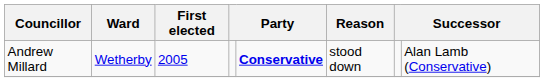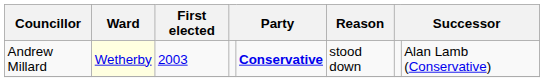 <table class="wikitable sortable" style="font-size:95%;">
 <tr>
 <th scope="col">Councillor</th>
 <th scope="col">Ward</th>
 <th scope="col">First elected</th>
 <th colspan="2" scope="col">Party</th>
 <th scope="col">Reason</th>
 <th colspan="2" scope="col">Successor</th>
 </tr>
 <tr>
 <td>Andrew Millard</td>
-<td><a href='#'>Wetherby</a></td>
-<td><a href='#'>2005</a></td>
+<td style="background: lightyellow;"><a href='#'>Wetherby</a></td>
+<td><a href='#'>2003</a></td>
 <td width="1" style="color:inherit;background:"></td>
 <td><strong><a href='#'>Conservative</a></strong></td>
 <td>stood down</td>
 <td width="1" style="color:inherit;background:"></td>
 <td>Alan Lamb (<a href='#'>Conservative</a>)</td>
 </tr>
 <tr>
 </tr>
 </table>
